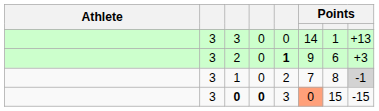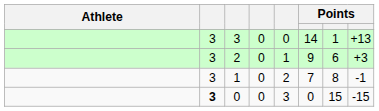 <table class="wikitable" style="text-align: center; font-size:100% ">
 <tr>
 <th rowspan=2 width=250>Athlete</th>
 <th rowspan=2 width=25></th>
 <th rowspan=2 width=25></th>
 <th rowspan=2 width=25></th>
 <th rowspan=2 width=25></th>
 <th colspan=3>Points</th>
 </tr>
 <tr>
 <th width=25></th>
 <th width=25></th>
 <th width=25></th>
 </tr>
 <tr bgcolor="ccffcc">
 <td align=left></td>
 <td>3</td>
 <td>3</td>
 <td>0</td>
 <td>0</td>
 <td>14</td>
 <td>1</td>
 <td>+13</td>
 </tr>
 <tr bgcolor="ccffcc">
 <td align=left></td>
 <td>3</td>
 <td>2</td>
 <td>0</td>
-<td><strong>1</strong></td>
+<td>1</td>
 <td>9</td>
 <td>6</td>
 <td>+3</td>
 </tr>
 <tr>
 <td align=left></td>
 <td>3</td>
 <td>1</td>
 <td>0</td>
 <td>2</td>
 <td>7</td>
 <td>8</td>
-<td style="background: lightgrey;">-1</td>
+<td>-1</td>
 </tr>
 <tr>
 <td align=left></td>
+<td><strong>3</strong></td>
+<td>0</td>
+<td>0</td>
 <td>3</td>
-<td><strong>0</strong></td>
-<td><strong>0</strong></td>
-<td>3</td>
-<td style="background: lightsalmon;">0</td>
+<td>0</td>
 <td>15</td>
 <td>-15</td>
 </tr>
 </table>
